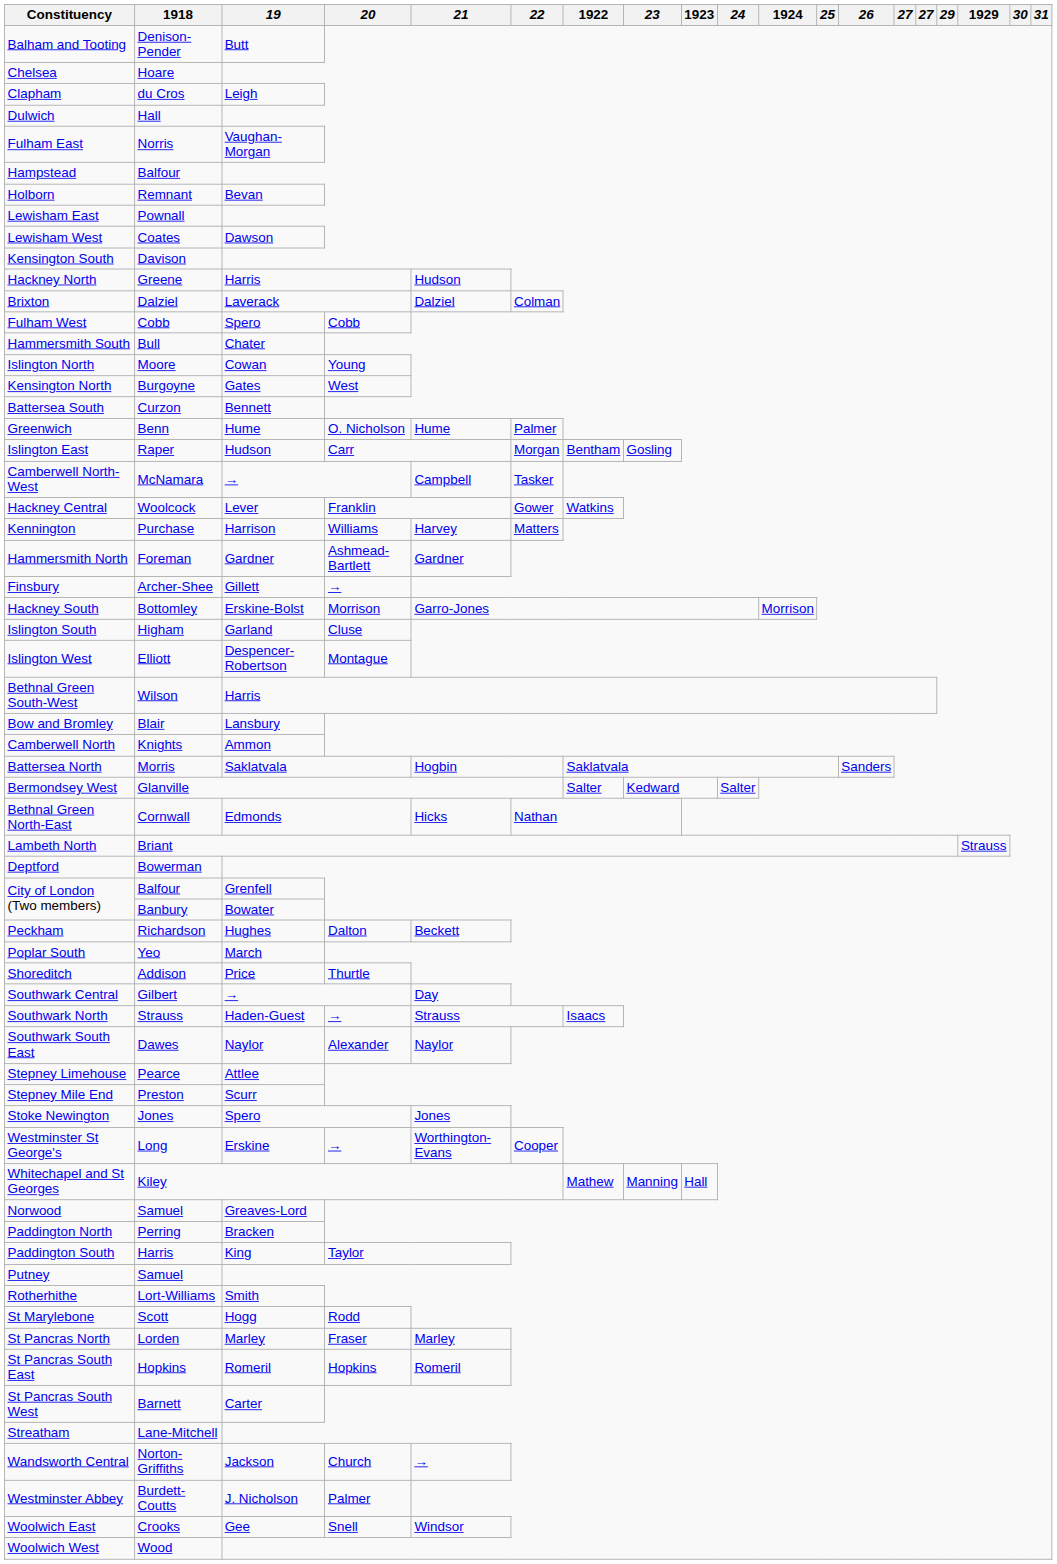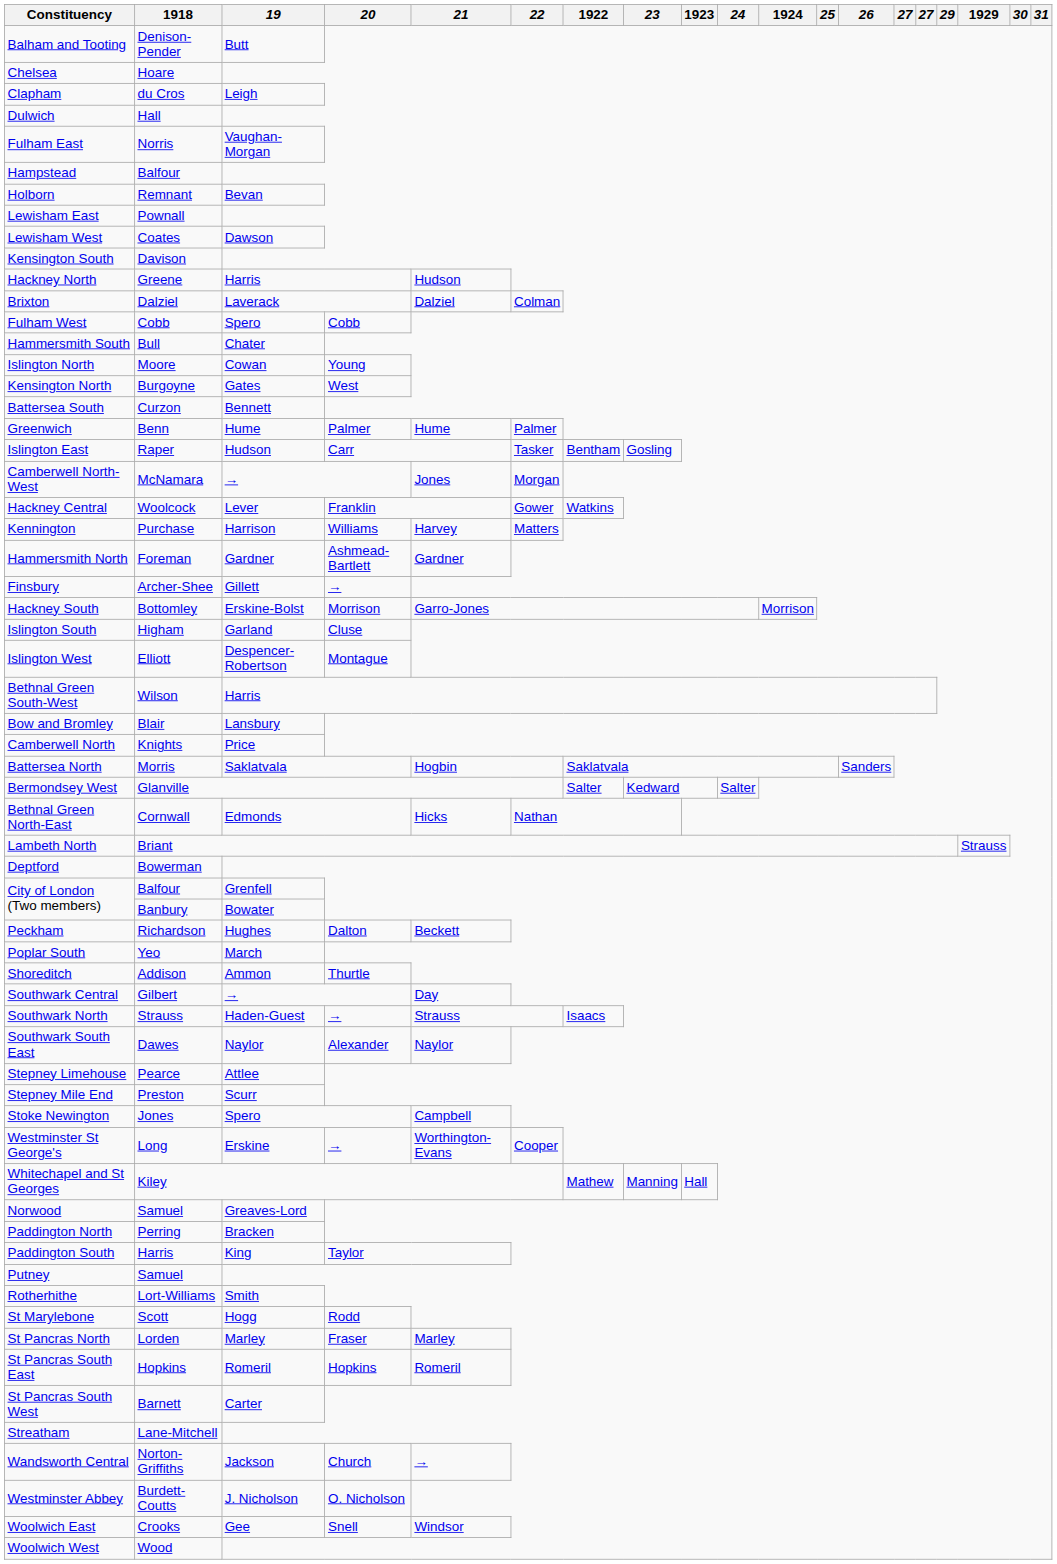 <table class="wikitable">
 <tr>
 <th>Constituency</th>
 <th>1918</th>
 <th><em>19</em></th>
 <th><em>20</em></th>
 <th><em>21</em></th>
 <th><em>22</em></th>
 <th>1922</th>
 <th><em>23</em></th>
 <th>1923</th>
 <th><em>24</em></th>
 <th>1924</th>
 <th><em>25</em></th>
 <th><em>26</em></th>
 <th><em>27</em></th>
 <th><em>27</em></th>
 <th><em>29</em></th>
 <th>1929</th>
 <th><em>30</em></th>
 <th><em>31</em></th>
 </tr>
 <tr>
 <td><a href='#'>Balham and Tooting</a></td>
 <td><a href='#'>Denison-Pender</a></td>
 <td><a href='#'>Butt</a></td>
 </tr>
 <tr>
 <td><a href='#'>Chelsea</a></td>
 <td><a href='#'>Hoare</a></td>
 </tr>
 <tr>
 <td><a href='#'>Clapham</a></td>
 <td><a href='#'>du Cros</a></td>
 <td><a href='#'>Leigh</a></td>
 </tr>
 <tr>
 <td><a href='#'>Dulwich</a></td>
 <td><a href='#'>Hall</a></td>
 </tr>
 <tr>
 <td><a href='#'>Fulham East</a></td>
 <td><a href='#'>Norris</a></td>
 <td><a href='#'>Vaughan-Morgan</a></td>
 </tr>
 <tr>
 <td><a href='#'>Hampstead</a></td>
 <td><a href='#'>Balfour</a></td>
 </tr>
 <tr>
 <td><a href='#'>Holborn</a></td>
 <td><a href='#'>Remnant</a></td>
 <td><a href='#'>Bevan</a></td>
 </tr>
 <tr>
 <td><a href='#'>Lewisham East</a></td>
 <td><a href='#'>Pownall</a></td>
 </tr>
 <tr>
 <td><a href='#'>Lewisham West</a></td>
 <td><a href='#'>Coates</a></td>
 <td><a href='#'>Dawson</a></td>
 </tr>
 <tr>
 <td><a href='#'>Kensington South</a></td>
 <td><a href='#'>Davison</a></td>
 </tr>
 <tr>
 <td><a href='#'>Hackney North</a></td>
 <td><a href='#'>Greene</a></td>
 <td colspan="2"><a href='#'>Harris</a></td>
 <td><a href='#'>Hudson</a></td>
 </tr>
 <tr>
 <td><a href='#'>Brixton</a></td>
 <td><a href='#'>Dalziel</a></td>
 <td colspan="2"><a href='#'>Laverack</a></td>
 <td><a href='#'>Dalziel</a></td>
 <td><a href='#'>Colman</a></td>
 </tr>
 <tr>
 <td><a href='#'>Fulham West</a></td>
 <td><a href='#'>Cobb</a></td>
 <td><a href='#'>Spero</a></td>
 <td><a href='#'>Cobb</a></td>
 </tr>
 <tr>
 <td><a href='#'>Hammersmith South</a></td>
 <td><a href='#'>Bull</a></td>
 <td><a href='#'>Chater</a></td>
 </tr>
 <tr>
 <td><a href='#'>Islington North</a></td>
 <td><a href='#'>Moore</a></td>
 <td><a href='#'>Cowan</a></td>
 <td><a href='#'>Young</a></td>
 </tr>
 <tr>
 <td><a href='#'>Kensington North</a></td>
 <td><a href='#'>Burgoyne</a></td>
 <td><a href='#'>Gates</a></td>
 <td><a href='#'>West</a></td>
 </tr>
 <tr>
 <td><a href='#'>Battersea South</a></td>
 <td><a href='#'>Curzon</a></td>
 <td><a href='#'>Bennett</a></td>
 </tr>
 <tr>
 <td><a href='#'>Greenwich</a></td>
 <td><a href='#'>Benn</a></td>
 <td><a href='#'>Hume</a></td>
-<td><a href='#'>O. Nicholson</a></td>
+<td><a href='#'>Palmer</a></td>
 <td><a href='#'>Hume</a></td>
 <td><a href='#'>Palmer</a></td>
 </tr>
 <tr>
 <td><a href='#'>Islington East</a></td>
 <td><a href='#'>Raper</a></td>
 <td><a href='#'>Hudson</a></td>
 <td colspan="2"><a href='#'>Carr</a></td>
-<td><a href='#'>Morgan</a></td>
+<td><a href='#'>Tasker</a></td>
 <td><a href='#'>Bentham</a></td>
 <td><a href='#'>Gosling</a></td>
 </tr>
 <tr>
 <td><a href='#'>Camberwell North-West</a></td>
 <td><a href='#'>McNamara</a></td>
 <td colspan="2"><a href='#'>→</a></td>
-<td><a href='#'>Campbell</a></td>
-<td><a href='#'>Tasker</a></td>
+<td><a href='#'>Jones</a></td>
+<td><a href='#'>Morgan</a></td>
 </tr>
 <tr>
 <td><a href='#'>Hackney Central</a></td>
 <td><a href='#'>Woolcock</a></td>
 <td><a href='#'>Lever</a></td>
 <td colspan="2"><a href='#'>Franklin</a></td>
 <td><a href='#'>Gower</a></td>
 <td><a href='#'>Watkins</a></td>
 </tr>
 <tr>
 <td><a href='#'>Kennington</a></td>
 <td><a href='#'>Purchase</a></td>
 <td><a href='#'>Harrison</a></td>
 <td><a href='#'>Williams</a></td>
 <td><a href='#'>Harvey</a></td>
 <td><a href='#'>Matters</a></td>
 </tr>
 <tr>
 <td><a href='#'>Hammersmith North</a></td>
 <td><a href='#'>Foreman</a></td>
 <td><a href='#'>Gardner</a></td>
 <td><a href='#'>Ashmead-Bartlett</a></td>
 <td><a href='#'>Gardner</a></td>
 </tr>
 <tr>
 <td><a href='#'>Finsbury</a></td>
 <td><a href='#'>Archer-Shee</a></td>
 <td><a href='#'>Gillett</a></td>
 <td><a href='#'>→</a></td>
 </tr>
 <tr>
 <td><a href='#'>Hackney South</a></td>
 <td><a href='#'>Bottomley</a></td>
 <td><a href='#'>Erskine-Bolst</a></td>
 <td><a href='#'>Morrison</a></td>
 <td colspan="6"><a href='#'>Garro-Jones</a></td>
 <td><a href='#'>Morrison</a></td>
 </tr>
 <tr>
 <td><a href='#'>Islington South</a></td>
 <td><a href='#'>Higham</a></td>
 <td><a href='#'>Garland</a></td>
 <td><a href='#'>Cluse</a></td>
 </tr>
 <tr>
 <td><a href='#'>Islington West</a></td>
 <td><a href='#'>Elliott</a></td>
 <td><a href='#'>Despencer-Robertson</a></td>
 <td><a href='#'>Montague</a></td>
 </tr>
 <tr>
 <td><a href='#'>Bethnal Green South-West</a></td>
 <td><a href='#'>Wilson</a></td>
 <td colspan="13"><a href='#'>Harris</a></td>
 </tr>
 <tr>
 <td><a href='#'>Bow and Bromley</a></td>
 <td><a href='#'>Blair</a></td>
 <td><a href='#'>Lansbury</a></td>
 </tr>
 <tr>
 <td><a href='#'>Camberwell North</a></td>
 <td><a href='#'>Knights</a></td>
-<td><a href='#'>Ammon</a></td>
+<td><a href='#'>Price</a></td>
 </tr>
 <tr>
 <td><a href='#'>Battersea North</a></td>
 <td><a href='#'>Morris</a></td>
 <td colspan="2"><a href='#'>Saklatvala</a></td>
 <td colspan="2"><a href='#'>Hogbin</a></td>
 <td colspan="6"><a href='#'>Saklatvala</a></td>
 <td><a href='#'>Sanders</a></td>
 </tr>
 <tr>
 <td><a href='#'>Bermondsey West</a></td>
 <td colspan="5"><a href='#'>Glanville</a></td>
 <td><a href='#'>Salter</a></td>
 <td colspan="2"><a href='#'>Kedward</a></td>
 <td><a href='#'>Salter</a></td>
 </tr>
 <tr>
 <td><a href='#'>Bethnal Green North-East</a></td>
 <td><a href='#'>Cornwall</a></td>
 <td colspan="2"><a href='#'>Edmonds</a></td>
 <td><a href='#'>Hicks</a></td>
 <td colspan="3"><a href='#'>Nathan</a></td>
 </tr>
 <tr>
 <td><a href='#'>Lambeth North</a></td>
 <td colspan="15"><a href='#'>Briant</a></td>
 <td><a href='#'>Strauss</a></td>
 </tr>
 <tr>
 <td><a href='#'>Deptford</a></td>
 <td><a href='#'>Bowerman</a></td>
 </tr>
 <tr>
 <td rowspan="2"><a href='#'>City of London</a><br>(Two members)</td>
 <td><a href='#'>Balfour</a></td>
 <td><a href='#'>Grenfell</a></td>
 </tr>
 <tr>
 <td><a href='#'>Banbury</a></td>
 <td><a href='#'>Bowater</a></td>
 </tr>
 <tr>
 <td><a href='#'>Peckham</a></td>
 <td><a href='#'>Richardson</a></td>
 <td><a href='#'>Hughes</a></td>
 <td><a href='#'>Dalton</a></td>
 <td><a href='#'>Beckett</a></td>
 </tr>
 <tr>
 <td><a href='#'>Poplar South</a></td>
 <td><a href='#'>Yeo</a></td>
 <td><a href='#'>March</a></td>
 </tr>
 <tr>
 <td><a href='#'>Shoreditch</a></td>
 <td><a href='#'>Addison</a></td>
-<td><a href='#'>Price</a></td>
+<td><a href='#'>Ammon</a></td>
 <td><a href='#'>Thurtle</a></td>
 </tr>
 <tr>
 <td><a href='#'>Southwark Central</a></td>
 <td><a href='#'>Gilbert</a></td>
 <td colspan="2"><a href='#'>→</a></td>
 <td><a href='#'>Day</a></td>
 </tr>
 <tr>
 <td><a href='#'>Southwark North</a></td>
 <td><a href='#'>Strauss</a></td>
 <td><a href='#'>Haden-Guest</a></td>
 <td><a href='#'>→</a></td>
 <td colspan="2"><a href='#'>Strauss</a></td>
 <td><a href='#'>Isaacs</a></td>
 </tr>
 <tr>
 <td><a href='#'>Southwark South East</a></td>
 <td><a href='#'>Dawes</a></td>
 <td><a href='#'>Naylor</a></td>
 <td><a href='#'>Alexander</a></td>
 <td><a href='#'>Naylor</a></td>
 </tr>
 <tr>
 <td><a href='#'>Stepney Limehouse</a></td>
 <td><a href='#'>Pearce</a></td>
 <td><a href='#'>Attlee</a></td>
 </tr>
 <tr>
 <td><a href='#'>Stepney Mile End</a></td>
 <td><a href='#'>Preston</a></td>
 <td><a href='#'>Scurr</a></td>
 </tr>
 <tr>
 <td><a href='#'>Stoke Newington</a></td>
 <td><a href='#'>Jones</a></td>
 <td colspan="2"><a href='#'>Spero</a></td>
-<td><a href='#'>Jones</a></td>
+<td><a href='#'>Campbell</a></td>
 </tr>
 <tr>
 <td><a href='#'>Westminster St George's</a></td>
 <td><a href='#'>Long</a></td>
 <td><a href='#'>Erskine</a></td>
 <td><a href='#'>→</a></td>
 <td><a href='#'>Worthington-Evans</a></td>
 <td><a href='#'>Cooper</a></td>
 </tr>
 <tr>
 <td><a href='#'>Whitechapel and St Georges</a></td>
 <td colspan="5"><a href='#'>Kiley</a></td>
 <td><a href='#'>Mathew</a></td>
 <td><a href='#'>Manning</a></td>
 <td><a href='#'>Hall</a></td>
 </tr>
 <tr>
 <td><a href='#'>Norwood</a></td>
 <td><a href='#'>Samuel</a></td>
 <td><a href='#'>Greaves-Lord</a></td>
 </tr>
 <tr>
 <td><a href='#'>Paddington North</a></td>
 <td><a href='#'>Perring</a></td>
 <td><a href='#'>Bracken</a></td>
 </tr>
 <tr>
 <td><a href='#'>Paddington South</a></td>
 <td><a href='#'>Harris</a></td>
 <td><a href='#'>King</a></td>
 <td colspan="2"><a href='#'>Taylor</a></td>
 </tr>
 <tr>
 <td><a href='#'>Putney</a></td>
 <td><a href='#'>Samuel</a></td>
 </tr>
 <tr>
 <td><a href='#'>Rotherhithe</a></td>
 <td><a href='#'>Lort-Williams</a></td>
 <td><a href='#'>Smith</a></td>
 </tr>
 <tr>
 <td><a href='#'>St Marylebone</a></td>
 <td><a href='#'>Scott</a></td>
 <td><a href='#'>Hogg</a></td>
 <td><a href='#'>Rodd</a></td>
 </tr>
 <tr>
 <td><a href='#'>St Pancras North</a></td>
 <td><a href='#'>Lorden</a></td>
 <td><a href='#'>Marley</a></td>
 <td><a href='#'>Fraser</a></td>
 <td><a href='#'>Marley</a></td>
 </tr>
 <tr>
 <td><a href='#'>St Pancras South East</a></td>
 <td><a href='#'>Hopkins</a></td>
 <td><a href='#'>Romeril</a></td>
 <td><a href='#'>Hopkins</a></td>
 <td><a href='#'>Romeril</a></td>
 </tr>
 <tr>
 <td><a href='#'>St Pancras South West</a></td>
 <td><a href='#'>Barnett</a></td>
 <td><a href='#'>Carter</a></td>
 </tr>
 <tr>
 <td><a href='#'>Streatham</a></td>
 <td><a href='#'>Lane-Mitchell</a></td>
 </tr>
 <tr>
 <td><a href='#'>Wandsworth Central</a></td>
 <td><a href='#'>Norton-Griffiths</a></td>
 <td><a href='#'>Jackson</a></td>
 <td><a href='#'>Church</a></td>
 <td><a href='#'>→</a></td>
 </tr>
 <tr>
 <td><a href='#'>Westminster Abbey</a></td>
 <td><a href='#'>Burdett-Coutts</a></td>
 <td><a href='#'>J. Nicholson</a></td>
-<td><a href='#'>Palmer</a></td>
+<td><a href='#'>O. Nicholson</a></td>
 </tr>
 <tr>
 <td><a href='#'>Woolwich East</a></td>
 <td><a href='#'>Crooks</a></td>
 <td><a href='#'>Gee</a></td>
 <td><a href='#'>Snell</a></td>
 <td><a href='#'>Windsor</a></td>
 </tr>
 <tr>
 <td><a href='#'>Woolwich West</a></td>
 <td><a href='#'>Wood</a></td>
 </tr>
 </table>
